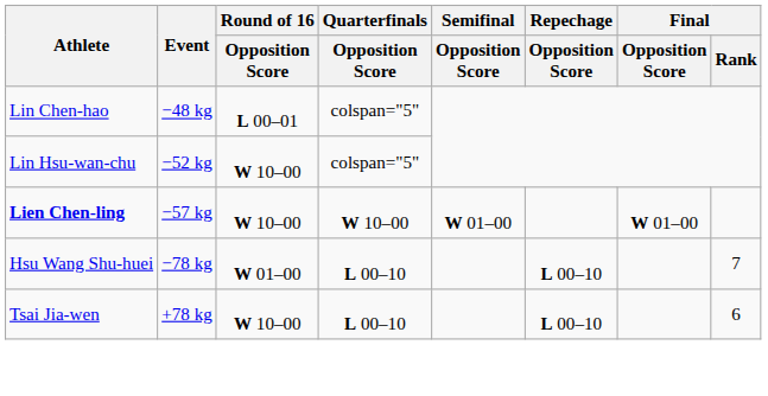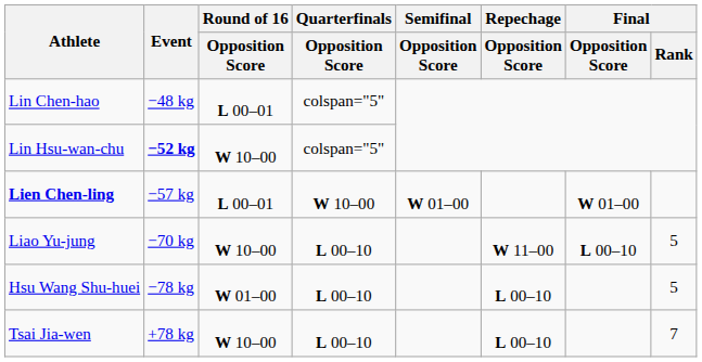 <table class=wikitable style=font-size:90%;text-align:center>
 <tr>
 <th rowspan="2">Athlete</th>
 <th rowspan="2">Event</th>
 <th>Round of 16</th>
 <th>Quarterfinals</th>
 <th>Semifinal</th>
 <th>Repechage</th>
 <th colspan="2">Final</th>
 </tr>
 <tr>
 <th>Opposition<br>Score</th>
 <th>Opposition<br>Score</th>
 <th>Opposition<br>Score</th>
 <th>Opposition<br>Score</th>
 <th>Opposition<br>Score</th>
 <th>Rank</th>
 </tr>
 <tr>
 <td align="left"><a href='#'>Lin Chen-hao</a></td>
 <td align="left"><a href='#'>−48 kg</a></td>
 <td><br><strong>L</strong> 00–01</td>
 <td>colspan="5" </td>
 </tr>
 <tr>
 <td align="left"><a href='#'>Lin Hsu-wan-chu</a></td>
-<td align="left"><a href='#'>−52 kg</a></td>
+<td align="left"><strong><a href='#'>−52 kg</a></strong></td>
 <td><br><strong>W</strong> 10–00</td>
 <td>colspan="5" </td>
 </tr>
 <tr>
 <td align="left"><strong><a href='#'>Lien Chen-ling</a></strong></td>
 <td align="left"><a href='#'>−57 kg</a></td>
-<td><br><strong>W</strong> 10–00</td>
+<td><br><strong>L</strong> 00–01</td>
 <td><br><strong>W</strong> 10–00</td>
 <td><br><strong>W</strong> 01–00</td>
 <td></td>
 <td><br><strong>W</strong> 01–00</td>
 <td></td>
+</tr>
+<tr>
+<td align="left"><a href='#'>Liao Yu-jung</a></td>
+<td align="left"><a href='#'>−70 kg</a></td>
+<td><br><strong>W</strong> 10–00</td>
+<td><br><strong>L</strong> 00–10</td>
+<td></td>
+<td><br><strong>W</strong> 11–00</td>
+<td><br><strong>L</strong> 00–10</td>
+<td>5</td>
 </tr>
 <tr>
 <td align="left"><a href='#'>Hsu Wang Shu-huei</a></td>
 <td align="left"><a href='#'>−78 kg</a></td>
 <td><br><strong>W</strong> 01–00</td>
 <td><br><strong>L</strong> 00–10</td>
 <td></td>
 <td><br><strong>L</strong> 00–10</td>
 <td></td>
-<td>7</td>
+<td>5</td>
 </tr>
 <tr>
 <td align="left"><a href='#'>Tsai Jia-wen</a></td>
 <td align="left"><a href='#'>+78 kg</a></td>
 <td><br><strong>W</strong> 10–00</td>
 <td><br><strong>L</strong> 00–10</td>
 <td></td>
 <td><br><strong>L</strong> 00–10</td>
 <td></td>
-<td>6</td>
+<td>7</td>
 </tr>
 </table>
